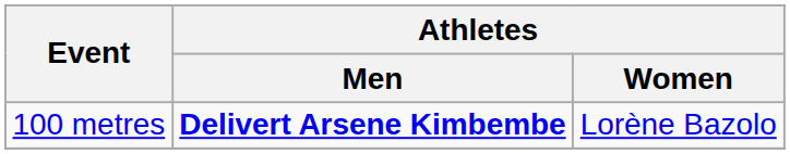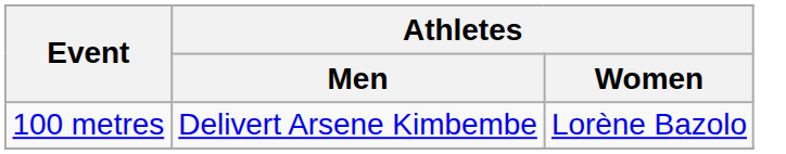 <table class=wikitable style="font-size:90%">
 <tr>
 <th rowspan=2>Event</th>
 <th colspan=2>Athletes</th>
 </tr>
 <tr>
 <th>Men</th>
 <th>Women</th>
 </tr>
 <tr>
 <td><a href='#'>100 metres</a></td>
-<td><strong><a href='#'>Delivert Arsene Kimbembe</a></strong></td>
+<td><a href='#'>Delivert Arsene Kimbembe</a></td>
 <td><a href='#'>Lorène Bazolo</a></td>
 </tr>
 <tr>
 </tr>
 </table>
